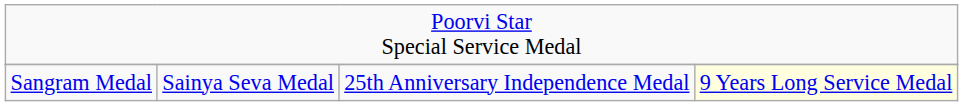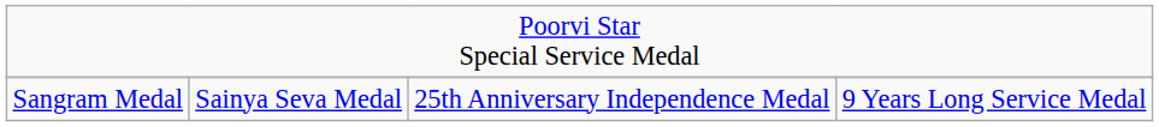 <table class="wikitable" style="margin:1em auto; text-align:center;">
 <tr>
 <td colspan="4"><a href='#'>Poorvi Star</a><br>Special Service Medal</td>
 </tr>
 <tr>
 </tr>
 <tr>
 <td><a href='#'>Sangram Medal</a></td>
 <td><a href='#'>Sainya Seva Medal</a></td>
 <td><a href='#'>25th Anniversary Independence Medal</a></td>
-<td style="background: lightyellow;"><a href='#'>9 Years Long Service Medal</a></td>
+<td><a href='#'>9 Years Long Service Medal</a></td>
 </tr>
 </table>
